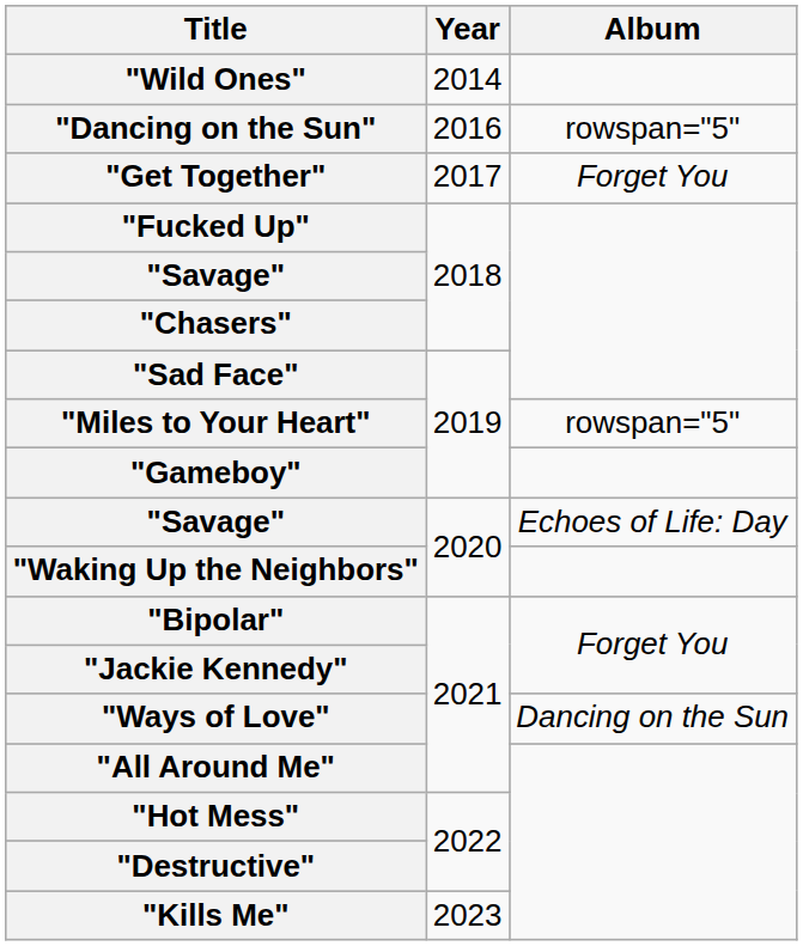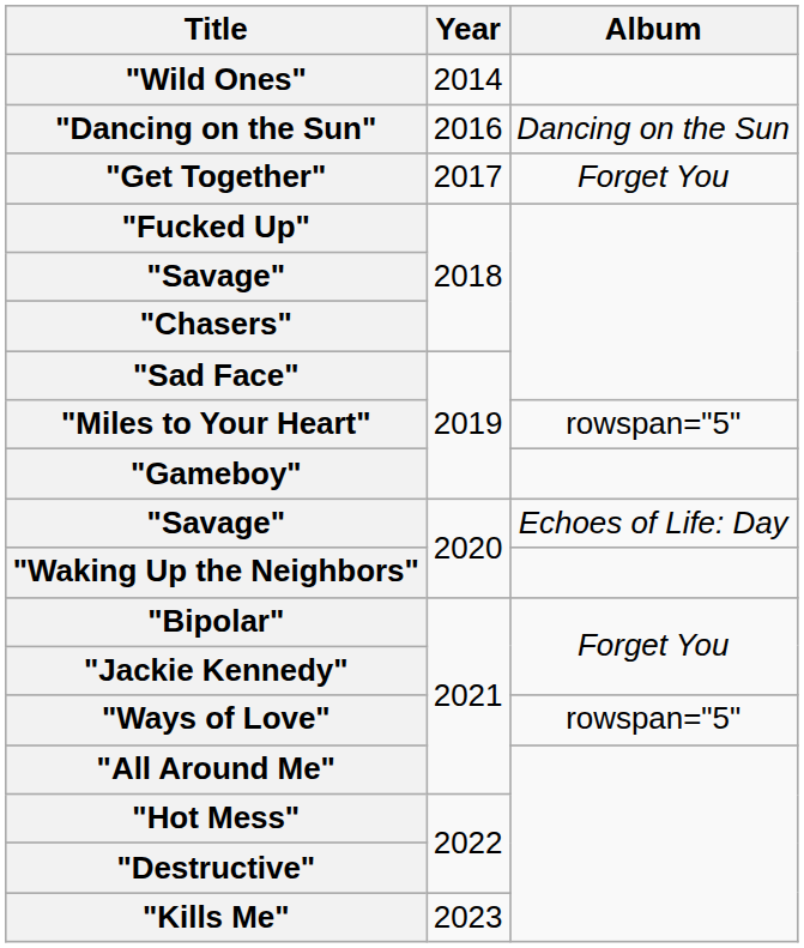 <table class="wikitable plainrowheaders" style="text-align:center;">
 <tr>
 <th scope="col">Title</th>
 <th scope="col">Year</th>
 <th scope="col">Album</th>
 </tr>
 <tr>
 <th scope="row">"Wild Ones"</th>
 <td>2014</td>
 <td></td>
 </tr>
 <tr>
 <th scope="row">"Dancing on the Sun"</th>
 <td>2016</td>
-<td>rowspan="5" </td>
+<td><em>Dancing on the Sun</em></td>
 </tr>
 <tr>
 <th scope="row">"Get Together"</th>
 <td>2017</td>
 <td><em>Forget You</em></td>
 </tr>
 <tr>
 <th scope="row">"Fucked Up"</th>
 <td rowspan="3">2018</td>
 </tr>
 <tr>
 <th scope="row">"Savage"</th>
 </tr>
 <tr>
 <th scope="row">"Chasers"</th>
 </tr>
 <tr>
 <th scope="row">"Sad Face"<br></th>
 <td rowspan="3">2019</td>
 </tr>
 <tr>
 <th scope="row">"Miles to Your Heart" <br></th>
 <td>rowspan="5"</td>
 </tr>
 <tr>
 <th scope="row">"Gameboy"</th>
 <td></td>
 </tr>
 <tr>
 <th scope="row">"Savage" </th>
 <td rowspan="2">2020</td>
 <td><em>Echoes of Life: Day</em></td>
 </tr>
 <tr>
 <th scope="row">"Waking Up the Neighbors"</th>
 <td></td>
 </tr>
 <tr>
 <th scope="row">"Bipolar"</th>
 <td rowspan="4">2021</td>
 <td rowspan="2"><em>Forget You</em></td>
 </tr>
 <tr>
 <th scope="row">"Jackie Kennedy"</th>
 </tr>
 <tr>
 <th scope="row">"Ways of Love"</th>
-<td><em>Dancing on the Sun</em></td>
+<td>rowspan="5" </td>
 </tr>
 <tr>
 <th scope="row">"All Around Me" </th>
 </tr>
 <tr>
 <th scope="row">"Hot Mess" </th>
 <td rowspan="2">2022</td>
 </tr>
 <tr>
 <th scope="row">"Destructive"</th>
 </tr>
 <tr>
 <th scope="row">"Kills Me"</th>
 <td>2023</td>
 </tr>
 </table>
